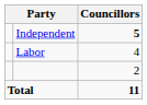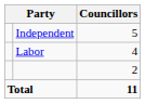 <table class="wikitable">
 <tr>
 <th colspan="2">Party</th>
 <th>Councillors</th>
 </tr>
 <tr>
 <td> </td>
 <td><a href='#'>Independent</a></td>
-<td align=right><strong>5</strong></td>
+<td align=right>5</td>
 </tr>
 <tr>
 <td> </td>
 <td><a href='#'>Labor</a></td>
 <td align=right>4</td>
 </tr>
 <tr>
 <td> </td>
 <td></td>
 <td align=right>2</td>
 </tr>
 <tr>
 <td colspan="2"><strong>Total</strong></td>
 <td align=right><strong>11</strong></td>
 </tr>
 </table>
